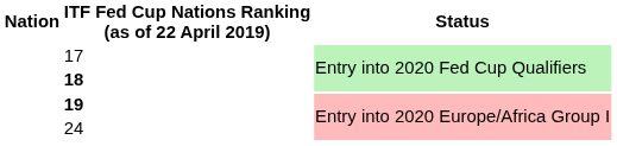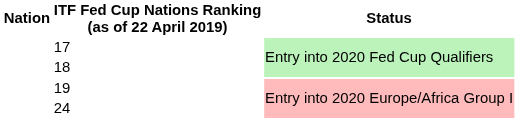 <table>
 <tr>
 <th>Nation</th>
 <th>ITF Fed Cup Nations Ranking <br> (as of 22 April 2019)</th>
 <th>Status</th>
 </tr>
 <tr>
 <th></th>
 <td>17</td>
 <td rowspan="2" style="background: #BBF3BB;">Entry into 2020 Fed Cup Qualifiers</td>
 </tr>
 <tr>
 <th></th>
-<td><strong>18</strong></td>
+<td>18</td>
 </tr>
 <tr>
 <th></th>
-<td><strong>19</strong></td>
+<td>19</td>
 <td rowspan="2" style="background: #FFBBBB;">Entry into 2020 Europe/Africa Group I</td>
 </tr>
 <tr>
 <th></th>
 <td>24</td>
 </tr>
 </table>
